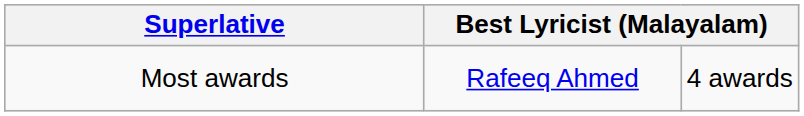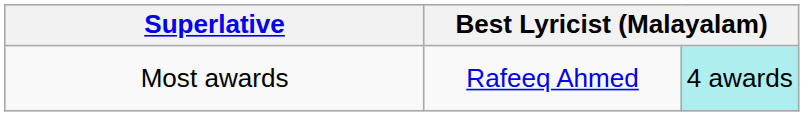 <table class="wikitable" style="text-align: center">
 <tr>
 <th width="25"><strong><a href='#'>Superlative</a></strong></th>
 <th colspan="2" width="100"><strong>Best Lyricist (Malayalam)</strong></th>
 </tr>
 <tr style="height:2.5em;">
 <td width="250">Most awards</td>
 <td width="150"><a href='#'>Rafeeq Ahmed</a></td>
-<td>4 awards</td>
+<td style="background: paleturquoise;">4 awards</td>
 </tr>
 </table>
